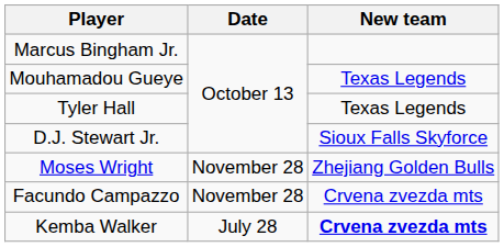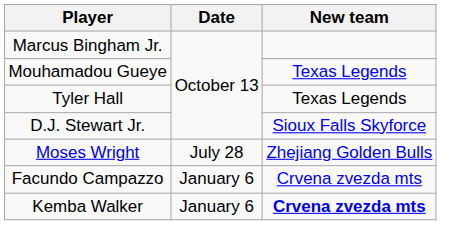 <table class="wikitable sortable sortable" style="text-align: center">
 <tr>
 <th>Player</th>
 <th>Date</th>
 <th>New team</th>
 </tr>
 <tr>
 <td>Marcus Bingham Jr.</td>
 <td rowspan=4>October 13</td>
 <td></td>
 </tr>
 <tr>
 <td>Mouhamadou Gueye</td>
 <td><a href='#'>Texas Legends</a></td>
 </tr>
 <tr>
 <td>Tyler Hall</td>
 <td>Texas Legends</td>
 </tr>
 <tr>
 <td>D.J. Stewart Jr.</td>
 <td><a href='#'>Sioux Falls Skyforce</a></td>
 </tr>
 <tr>
 <td><a href='#'>Moses Wright</a></td>
-<td>November 28</td>
+<td>July 28</td>
 <td> <a href='#'>Zhejiang Golden Bulls</a></td>
 </tr>
 <tr>
 <td>Facundo Campazzo</td>
-<td>November 28</td>
+<td>January 6</td>
 <td> <a href='#'>Crvena zvezda mts</a></td>
 </tr>
 <tr>
 <td>Kemba Walker</td>
-<td>July 28</td>
+<td>January 6</td>
 <td><strong> <a href='#'>Crvena zvezda mts</a></strong></td>
 </tr>
 </table>
